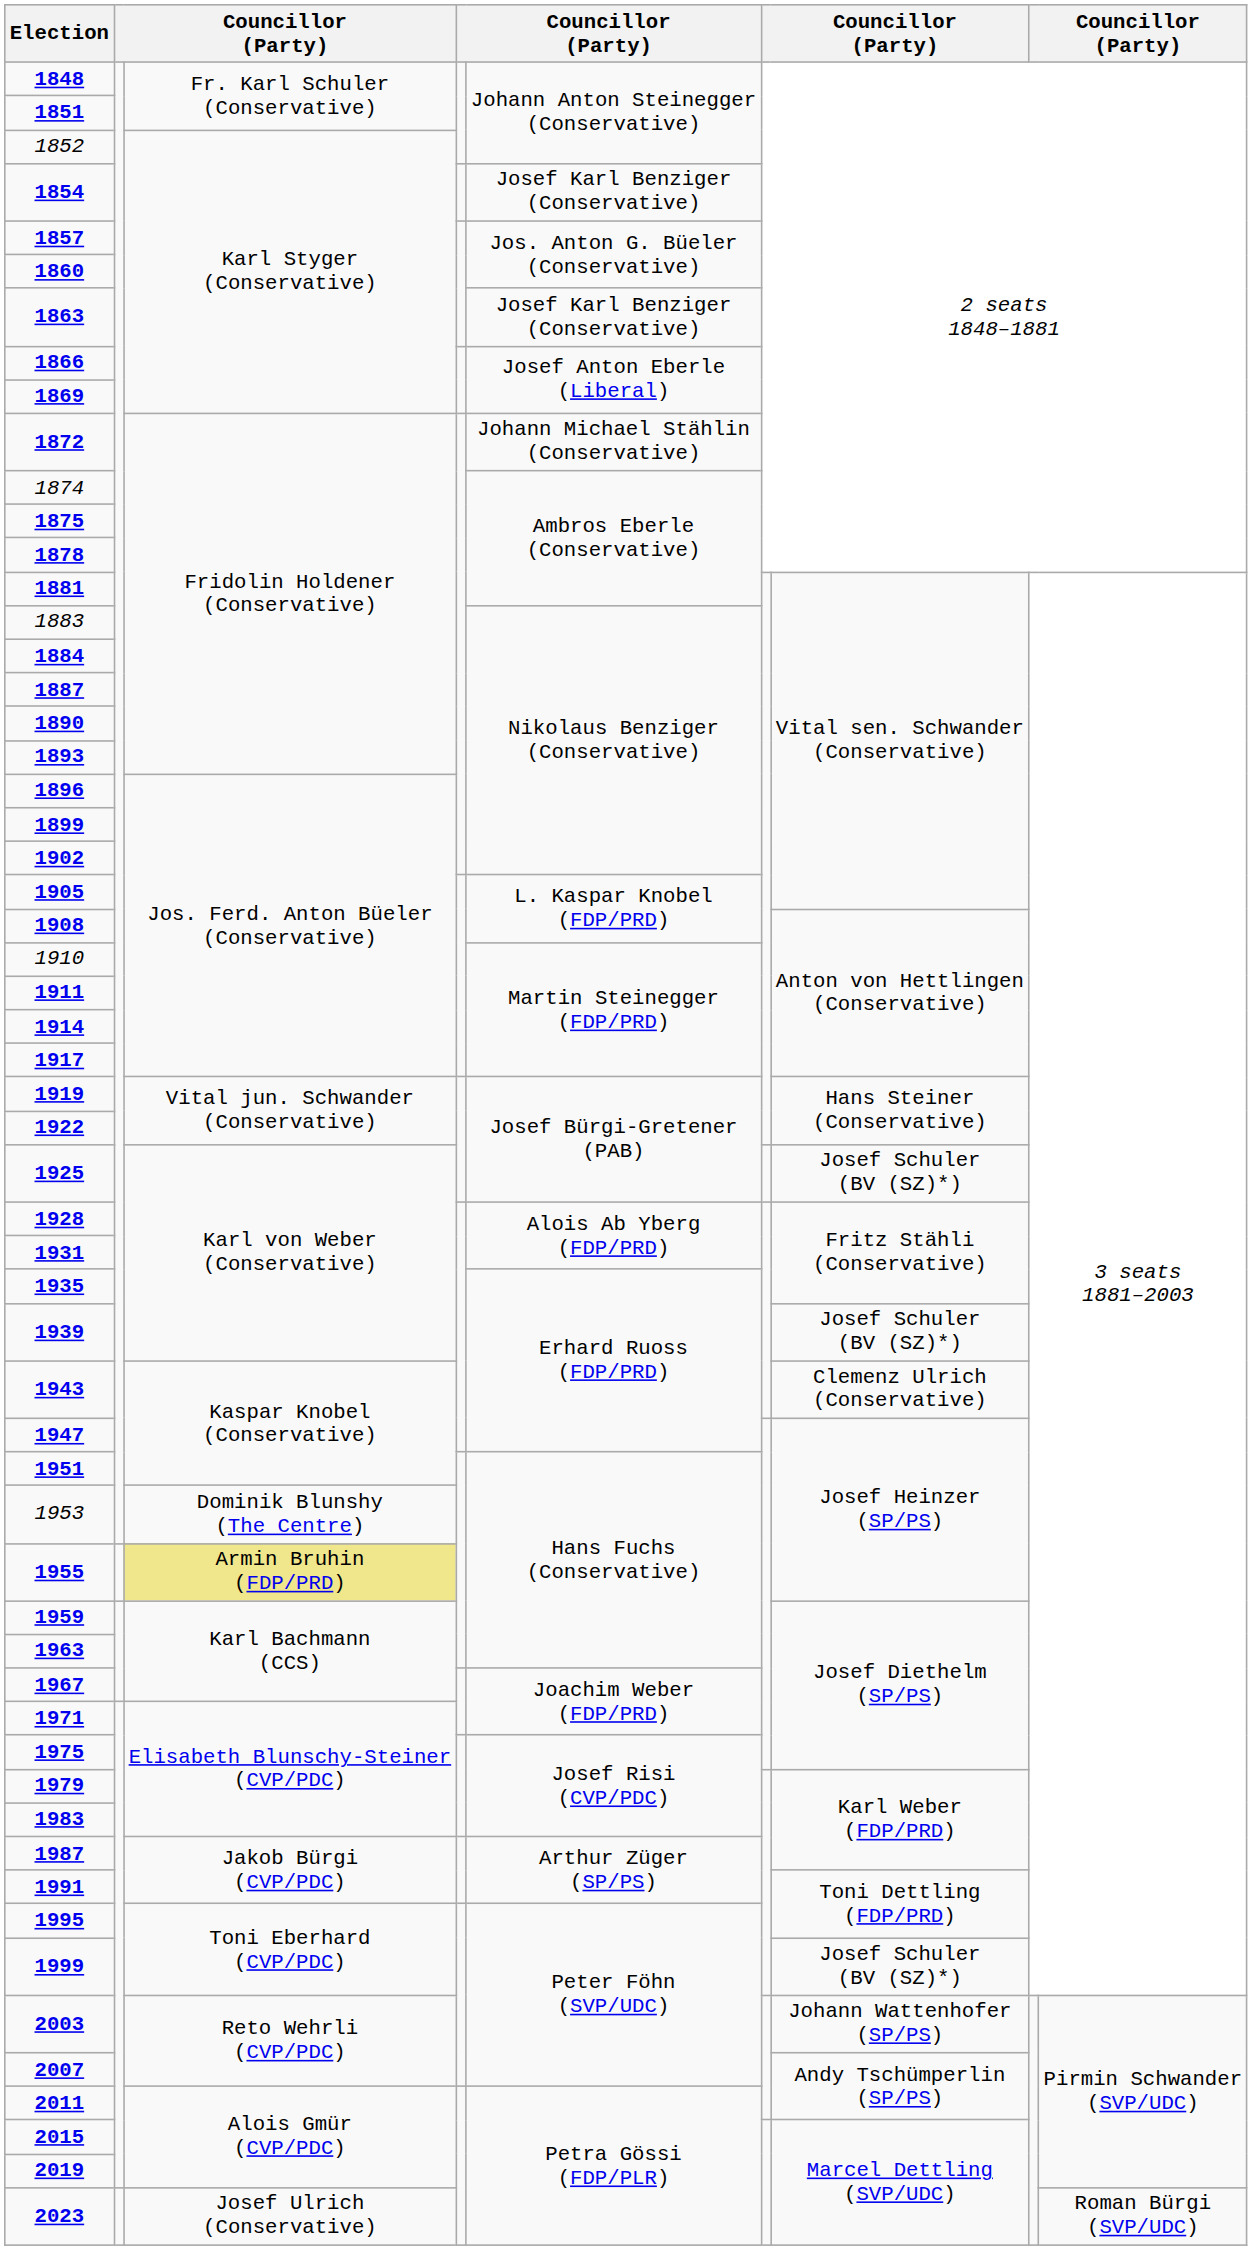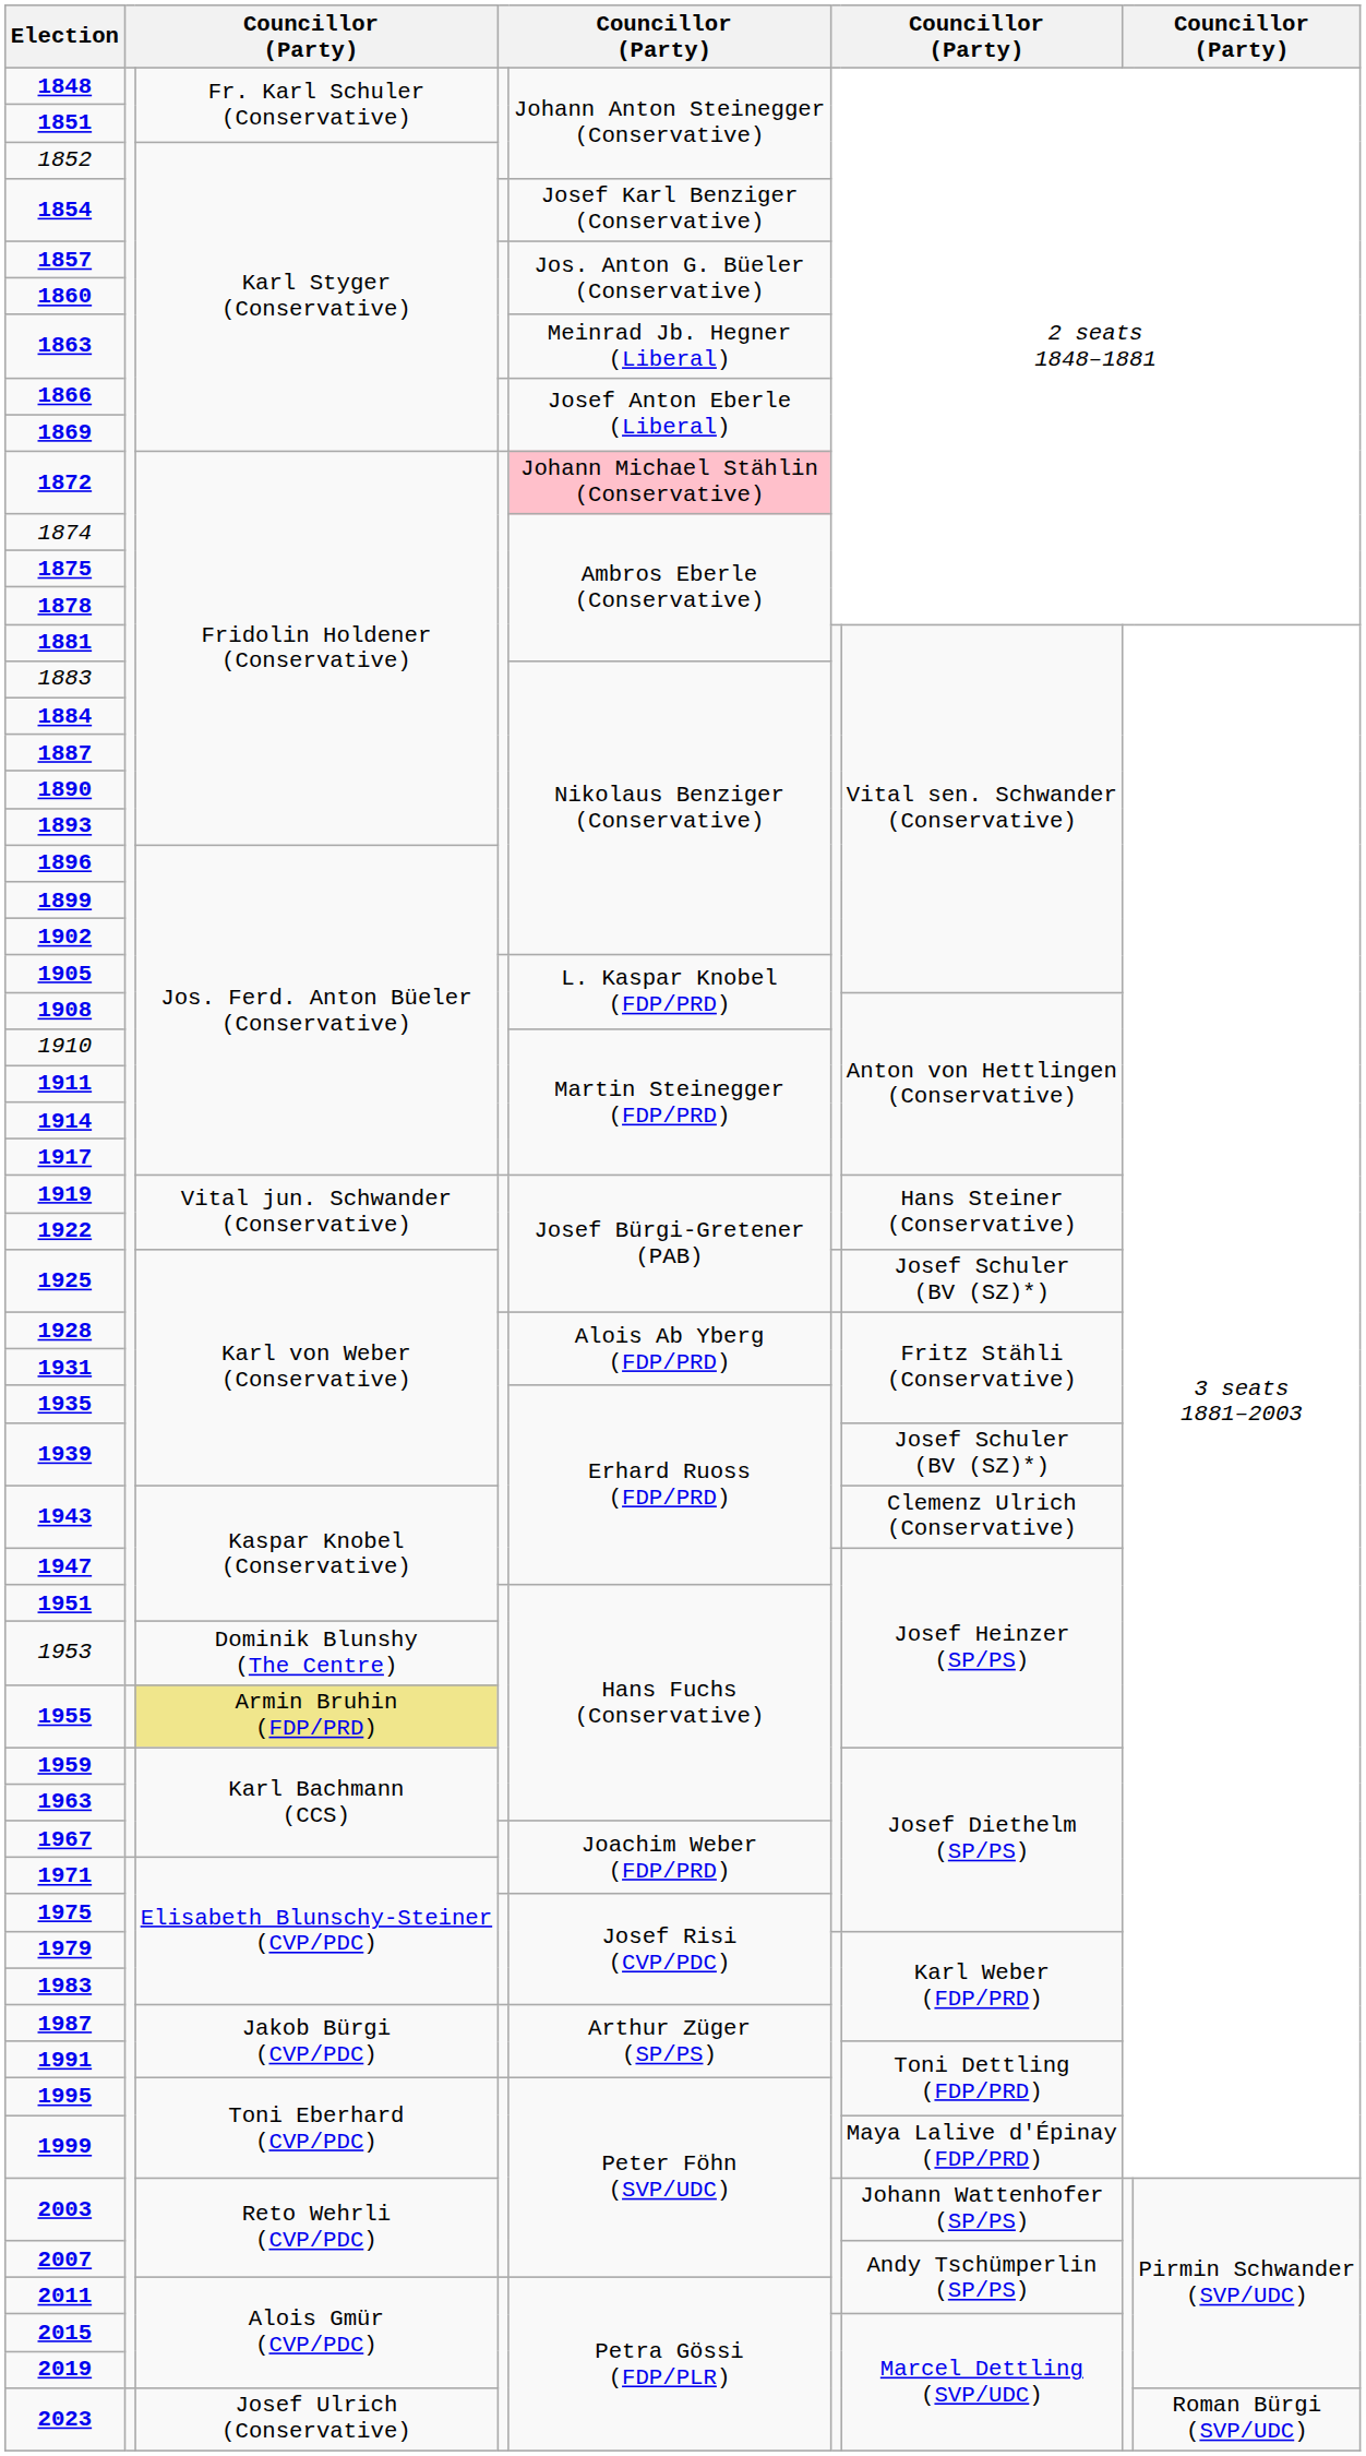 <table class="wikitable" style="text-align:center">
 <tr>
 <th>Election</th>
 <th colspan=2>Councillor<br>(Party)</th>
 <th colspan=2>Councillor<br>(Party)</th>
 <th colspan=2>Councillor<br>(Party)</th>
 <th colspan=2>Councillor<br>(Party)</th>
 </tr>
 <tr>
 <td><strong><a href='#'>1848</a></strong></td>
 <td rowspan=39; style="background-color: "></td>
 <td rowspan=2>Fr. Karl Schuler<br>(Conservative)</td>
 <td rowspan=3; style="background-color: "></td>
 <td rowspan=3>Johann Anton Steinegger<br>(Conservative)</td>
 <td style="background-color:#FFFFFF" rowspan=13 colspan=4><em>2 seats<br>1848–1881</em></td>
 </tr>
 <tr>
 <td><strong><a href='#'>1851</a></strong></td>
 </tr>
 <tr>
 <td><em>1852</em></td>
 <td rowspan=7>Karl Styger<br>(Conservative)</td>
 </tr>
 <tr>
 <td><strong><a href='#'>1854</a></strong></td>
 <td rowspan=1; style="background-color: "></td>
 <td rowspan=1>Josef Karl Benziger<br>(Conservative)</td>
 </tr>
 <tr>
 <td><strong><a href='#'>1857</a></strong></td>
 <td rowspan=3; style="background-color: "></td>
 <td rowspan=2>Jos. Anton G. Büeler<br>(Conservative)</td>
 </tr>
 <tr>
 <td><strong><a href='#'>1860</a></strong></td>
 </tr>
 <tr>
 <td><strong><a href='#'>1863</a></strong></td>
-<td rowspan=1>Josef Karl Benziger<br>(Conservative)</td>
+<td rowspan=1>Meinrad Jb. Hegner<br>(<a href='#'>Liberal</a>)</td>
 </tr>
 <tr>
 <td><strong><a href='#'>1866</a></strong></td>
 <td rowspan=2; style="background-color: "></td>
 <td rowspan=2>Josef Anton Eberle<br>(<a href='#'>Liberal</a>)</td>
 </tr>
 <tr>
 <td><strong><a href='#'>1869</a></strong></td>
 </tr>
 <tr>
 <td><strong><a href='#'>1872</a></strong></td>
 <td rowspan=10>Fridolin Holdener<br>(Conservative)</td>
 <td rowspan=13; style="background-color: "></td>
-<td rowspan=1>Johann Michael Stählin<br>(Conservative)</td>
+<td rowspan=1 style="background: pink;">Johann Michael Stählin<br>(Conservative)</td>
 </tr>
 <tr>
 <td><em>1874</em></td>
 <td rowspan=4>Ambros Eberle<br>(Conservative)</td>
 </tr>
 <tr>
 <td><strong><a href='#'>1875</a></strong></td>
 </tr>
 <tr>
 <td><strong><a href='#'>1878</a></strong></td>
 </tr>
 <tr>
 <td><strong><a href='#'>1881</a></strong></td>
 <td rowspan=17; style="background-color: "></td>
 <td rowspan=10>Vital sen. Schwander<br>(Conservative)</td>
 <td style="background-color:#FFFFFF" rowspan=38 colspan=2><em>3 seats<br>1881–2003</em></td>
 </tr>
 <tr>
 <td><em>1883</em></td>
 <td rowspan=8>Nikolaus Benziger<br>(Conservative)</td>
 </tr>
 <tr>
 <td><strong><a href='#'>1884</a></strong></td>
 </tr>
 <tr>
 <td><strong><a href='#'>1887</a></strong></td>
 </tr>
 <tr>
 <td><strong><a href='#'>1890</a></strong></td>
 </tr>
 <tr>
 <td><strong><a href='#'>1893</a></strong></td>
 </tr>
 <tr>
 <td><strong><a href='#'>1896</a></strong></td>
 <td rowspan=9>Jos. Ferd. Anton Büeler<br>(Conservative)</td>
 </tr>
 <tr>
 <td><strong><a href='#'>1899</a></strong></td>
 </tr>
 <tr>
 <td><strong><a href='#'>1902</a></strong></td>
 </tr>
 <tr>
 <td><strong><a href='#'>1905</a></strong></td>
 <td rowspan=6; style="background-color: "></td>
 <td rowspan=2>L. Kaspar Knobel<br>(<a href='#'>FDP/PRD</a>)</td>
 </tr>
 <tr>
 <td><strong><a href='#'>1908</a></strong></td>
 <td rowspan=5>Anton von Hettlingen<br>(Conservative)</td>
 </tr>
 <tr>
 <td><em>1910</em></td>
 <td rowspan=4>Martin Steinegger<br>(<a href='#'>FDP/PRD</a>)</td>
 </tr>
 <tr>
 <td><strong><a href='#'>1911</a></strong></td>
 </tr>
 <tr>
 <td><strong><a href='#'>1914</a></strong></td>
 </tr>
 <tr>
 <td><strong><a href='#'>1917</a></strong></td>
 </tr>
 <tr>
 <td><strong><a href='#'>1919</a></strong></td>
 <td rowspan=2>Vital jun. Schwander<br>(Conservative)</td>
 <td rowspan=3; style="background-color: "></td>
 <td rowspan=3>Josef Bürgi-Gretener<br>(PAB)</td>
 <td rowspan=2>Hans Steiner<br>(Conservative)</td>
 </tr>
 <tr>
 <td><strong><a href='#'>1922</a></strong></td>
 </tr>
 <tr>
 <td><strong><a href='#'>1925</a></strong></td>
 <td rowspan=5>Karl von Weber<br>(Conservative)</td>
 <td rowspan=1; style="background-color: "></td>
 <td rowspan=1>Josef Schuler<br>(BV (SZ)*)</td>
 </tr>
 <tr>
 <td><strong><a href='#'>1928</a></strong></td>
 <td rowspan=6; style="background-color: "></td>
 <td rowspan=2>Alois Ab Yberg<br>(<a href='#'>FDP/PRD</a>)</td>
 <td rowspan=5; style="background-color: "></td>
 <td rowspan=3>Fritz Stähli<br>(Conservative)</td>
 </tr>
 <tr>
 <td><strong><a href='#'>1931</a></strong></td>
 </tr>
 <tr>
 <td><strong><a href='#'>1935</a></strong></td>
 <td rowspan=4>Erhard Ruoss<br>(<a href='#'>FDP/PRD</a>)</td>
 </tr>
 <tr>
 <td><strong><a href='#'>1939</a></strong></td>
 <td rowspan=1>Josef Schuler<br>(BV (SZ)*)</td>
 </tr>
 <tr>
 <td><strong><a href='#'>1943</a></strong></td>
 <td rowspan=3>Kaspar Knobel<br>(Conservative)</td>
 <td rowspan=1>Clemenz Ulrich<br>(Conservative)</td>
 </tr>
 <tr>
 <td><strong><a href='#'>1947</a></strong></td>
 <td rowspan=9; style="background-color: "></td>
 <td rowspan=4>Josef Heinzer<br>(<a href='#'>SP/PS</a>)</td>
 </tr>
 <tr>
 <td><strong><a href='#'>1951</a></strong></td>
 <td rowspan=5; style="background-color: "></td>
 <td rowspan=5>Hans Fuchs<br>(Conservative)</td>
 </tr>
 <tr>
 <td><em>1953</em></td>
 <td rowspan=1>Dominik Blunshy<br>(<a href='#'>The Centre</a>)</td>
 </tr>
 <tr>
 <td><strong><a href='#'>1955</a></strong></td>
 <td rowspan=1; style="background-color: "></td>
 <td rowspan=1 style="background: khaki;">Armin Bruhin<br>(<a href='#'>FDP/PRD</a>)</td>
 </tr>
 <tr>
 <td><strong><a href='#'>1959</a></strong></td>
 <td rowspan=3; style="background-color: "></td>
 <td rowspan=3>Karl Bachmann<br>(CCS)</td>
 <td rowspan=5>Josef Diethelm<br>(<a href='#'>SP/PS</a>)</td>
 </tr>
 <tr>
 <td><strong><a href='#'>1963</a></strong></td>
 </tr>
 <tr>
 <td><strong><a href='#'>1967</a></strong></td>
 <td rowspan=2; style="background-color: "></td>
 <td rowspan=2>Joachim Weber<br>(<a href='#'>FDP/PRD</a>)</td>
 </tr>
 <tr>
 <td><strong><a href='#'>1971</a></strong></td>
 <td rowspan=13; style="background-color: "></td>
 <td rowspan=4><a href='#'>Elisabeth Blunschy-Steiner</a><br>(<a href='#'>CVP/PDC</a>)</td>
 </tr>
 <tr>
 <td><strong><a href='#'>1975</a></strong></td>
 <td rowspan=3; style="background-color: "></td>
 <td rowspan=3>Josef Risi<br>(<a href='#'>CVP/PDC</a>)</td>
 </tr>
 <tr>
 <td><strong><a href='#'>1979</a></strong></td>
 <td rowspan=6; style="background-color: "></td>
 <td rowspan=3>Karl Weber<br>(<a href='#'>FDP/PRD</a>)</td>
 </tr>
 <tr>
 <td><strong><a href='#'>1983</a></strong></td>
 </tr>
 <tr>
 <td><strong><a href='#'>1987</a></strong></td>
 <td rowspan=2>Jakob Bürgi<br>(<a href='#'>CVP/PDC</a>)</td>
 <td rowspan=2; style="background-color: "></td>
 <td rowspan=2>Arthur Züger<br>(<a href='#'>SP/PS</a>)</td>
 </tr>
 <tr>
 <td><strong><a href='#'>1991</a></strong></td>
 <td rowspan=2>Toni Dettling<br>(<a href='#'>FDP/PRD</a>)</td>
 </tr>
 <tr>
 <td><strong><a href='#'>1995</a></strong></td>
 <td rowspan=2>Toni Eberhard<br>(<a href='#'>CVP/PDC</a>)</td>
 <td rowspan=4; style="background-color: "></td>
 <td rowspan=4>Peter Föhn<br>(<a href='#'>SVP/UDC</a>)</td>
 </tr>
 <tr>
 <td><strong><a href='#'>1999</a></strong></td>
-<td rowspan=1>Josef Schuler<br>(BV (SZ)*)</td>
+<td rowspan=1>Maya Lalive d'Épinay<br>(<a href='#'>FDP/PRD</a>)</td>
 </tr>
 <tr>
 <td><strong><a href='#'>2003</a></strong></td>
 <td rowspan=2>Reto Wehrli<br>(<a href='#'>CVP/PDC</a>)</td>
 <td rowspan=3; style="background-color: "></td>
 <td rowspan=1>Johann Wattenhofer<br>(<a href='#'>SP/PS</a>)</td>
 <td rowspan=6; style="background-color: "></td>
 <td rowspan=5>Pirmin Schwander<br>(<a href='#'>SVP/UDC</a>)</td>
 </tr>
 <tr>
 <td><strong><a href='#'>2007</a></strong></td>
 <td rowspan=2>Andy Tschümperlin<br>(<a href='#'>SP/PS</a>)</td>
 </tr>
 <tr>
 <td><strong><a href='#'>2011</a></strong></td>
 <td rowspan=3>Alois Gmür<br>(<a href='#'>CVP/PDC</a>)</td>
 <td rowspan=4; style="background-color: "></td>
 <td rowspan=4>Petra Gössi<br>(<a href='#'>FDP/PLR</a>)</td>
 </tr>
 <tr>
 <td><strong><a href='#'>2015</a></strong></td>
 <td rowspan=3; style="background-color: "></td>
 <td rowspan=3><a href='#'>Marcel Dettling</a><br>(<a href='#'>SVP/UDC</a>)</td>
 </tr>
 <tr>
 <td><strong><a href='#'>2019</a></strong></td>
 </tr>
 <tr>
 <td><strong><a href='#'>2023</a></strong></td>
 <td rowspan=1; style="background-color: "></td>
 <td rowspan=1>Josef Ulrich<br>(Conservative)</td>
 <td rowspan=1>Roman Bürgi<br>(<a href='#'>SVP/UDC</a>)</td>
 </tr>
 </table>
